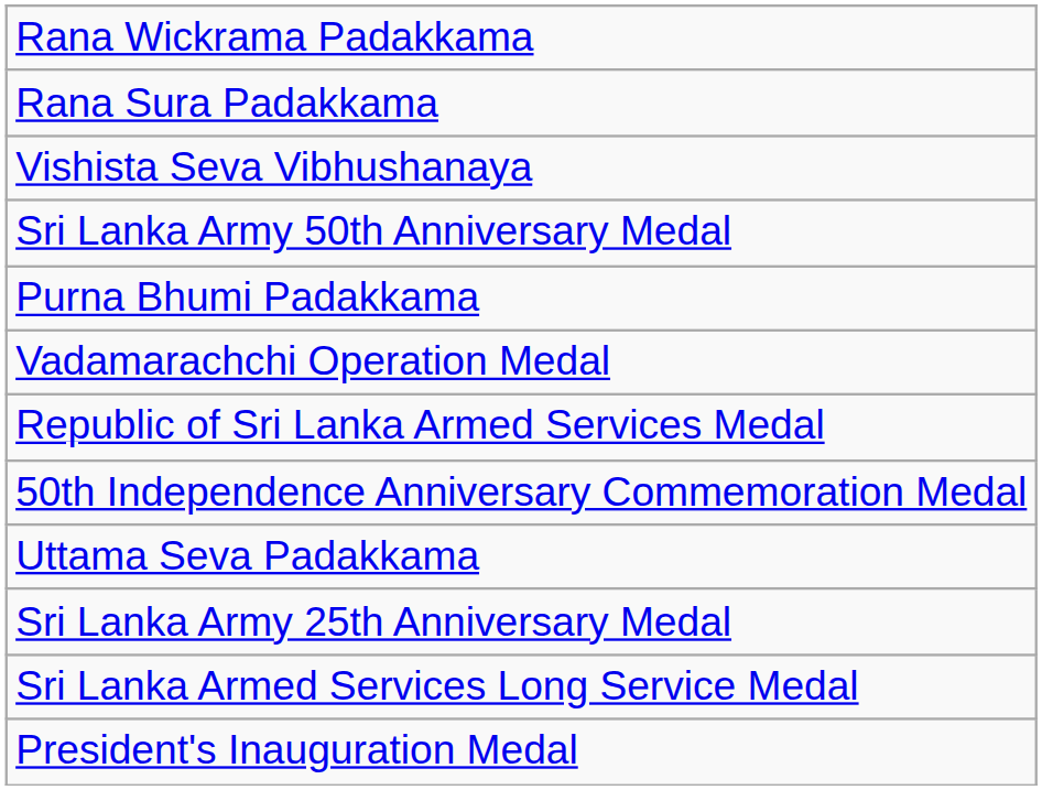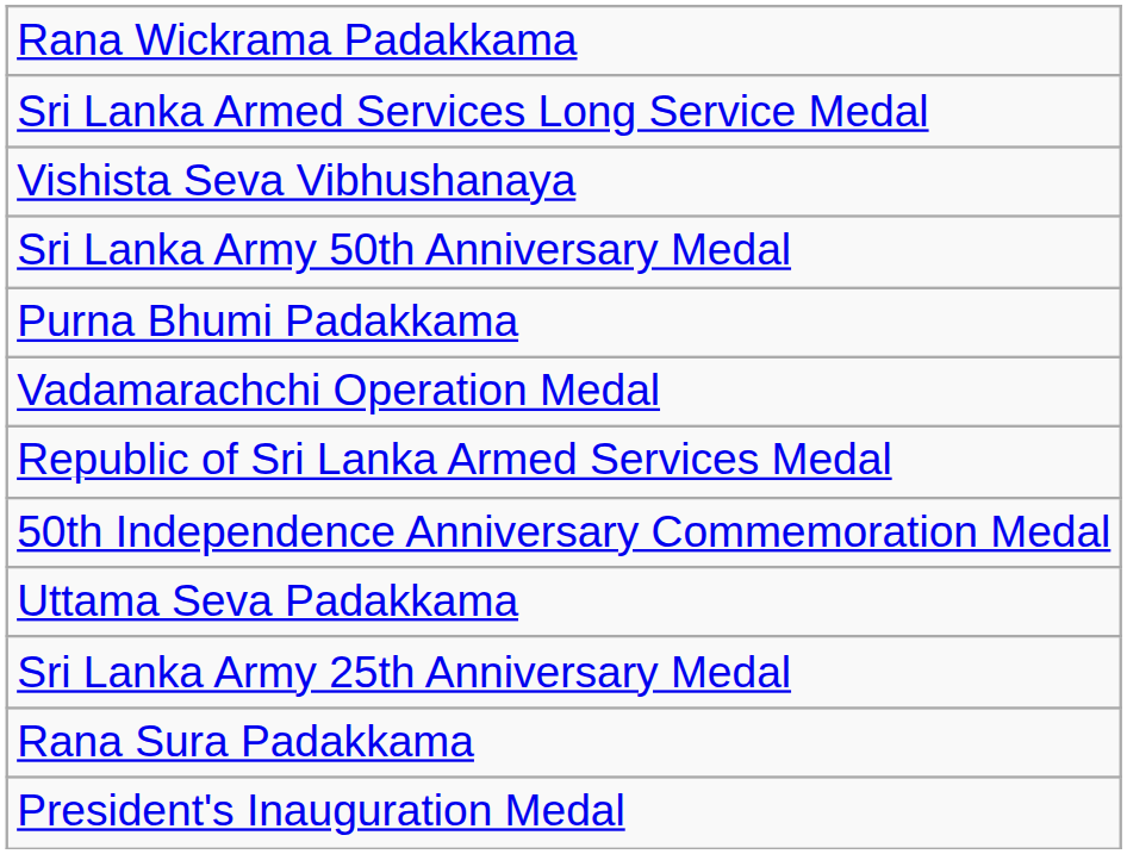 <table class="wikitable" style="margin:1em auto;">
 <tr>
 <td><a href='#'>Rana Wickrama Padakkama</a></td>
 </tr>
 <tr>
-<td><a href='#'>Rana Sura Padakkama</a></td>
+<td><a href='#'>Sri Lanka Armed Services Long Service Medal</a></td>
 </tr>
 <tr>
 <td><a href='#'>Vishista Seva Vibhushanaya</a></td>
 </tr>
 <tr>
 <td><a href='#'>Sri Lanka Army 50th Anniversary Medal</a></td>
 </tr>
 <tr>
 <td><a href='#'>Purna Bhumi Padakkama</a></td>
 </tr>
 <tr>
 <td><a href='#'>Vadamarachchi Operation Medal</a></td>
 </tr>
 <tr>
 <td><a href='#'>Republic of Sri Lanka Armed Services Medal</a></td>
 </tr>
 <tr>
 <td><a href='#'>50th Independence Anniversary Commemoration Medal</a></td>
 </tr>
 <tr>
 <td><a href='#'>Uttama Seva Padakkama</a></td>
 </tr>
 <tr>
 <td><a href='#'>Sri Lanka Army 25th Anniversary Medal</a></td>
 </tr>
 <tr>
-<td><a href='#'>Sri Lanka Armed Services Long Service Medal</a></td>
+<td><a href='#'>Rana Sura Padakkama</a></td>
 </tr>
 <tr>
 <td><a href='#'>President's Inauguration Medal</a></td>
 </tr>
 </table>
